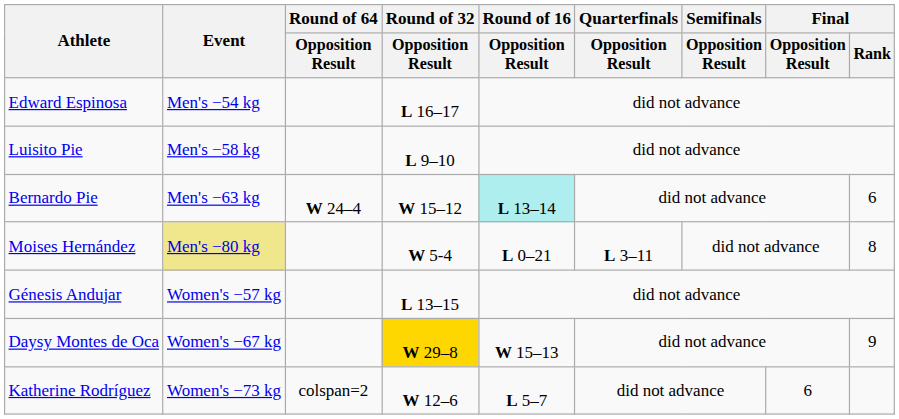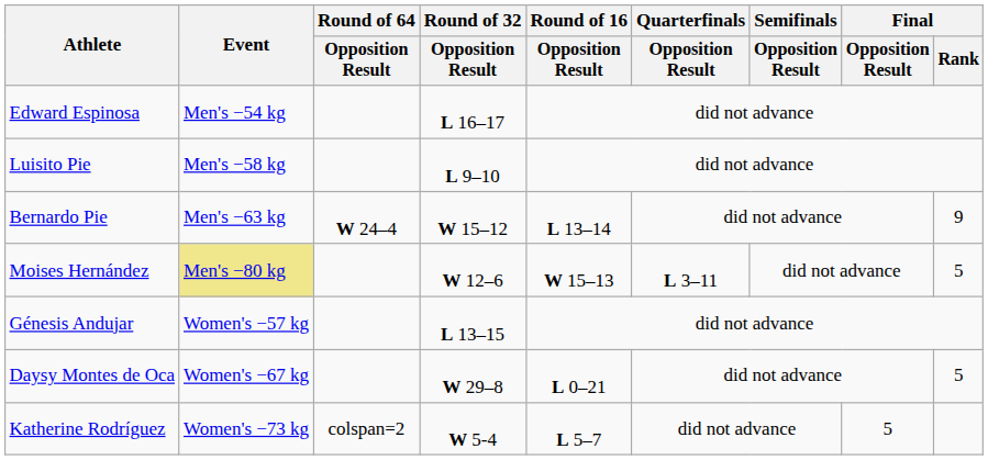 <table class="wikitable" style="font-size:90%">
 <tr>
 <th rowspan="2">Athlete</th>
 <th rowspan="2">Event</th>
 <th>Round of 64</th>
 <th>Round of 32</th>
 <th>Round of 16</th>
 <th>Quarterfinals</th>
 <th>Semifinals</th>
 <th colspan=2>Final</th>
 </tr>
 <tr style="font-size:95%">
 <th>Opposition<br>Result</th>
 <th>Opposition<br>Result</th>
 <th>Opposition<br>Result</th>
 <th>Opposition<br>Result</th>
 <th>Opposition<br>Result</th>
 <th>Opposition<br>Result</th>
 <th>Rank</th>
 </tr>
 <tr align=center>
 <td align=left><a href='#'>Edward Espinosa</a></td>
 <td align=left><a href='#'>Men's −54 kg</a></td>
 <td></td>
 <td><br><strong>L</strong> 16–17</td>
 <td colspan=5>did not advance</td>
 </tr>
 <tr align=center>
 <td align=left><a href='#'>Luisito Pie</a></td>
 <td align=left><a href='#'>Men's −58 kg</a></td>
 <td></td>
 <td><br><strong>L</strong> 9–10</td>
 <td colspan=5>did not advance</td>
 </tr>
 <tr align=center>
 <td align=left><a href='#'>Bernardo Pie</a></td>
 <td align=left><a href='#'>Men's −63 kg</a></td>
 <td><br><strong>W</strong> 24–4</td>
 <td><br><strong>W</strong> 15–12</td>
-<td style="background: paleturquoise;"><br><strong>L</strong> 13–14</td>
+<td><br><strong>L</strong> 13–14</td>
 <td colspan=3>did not advance</td>
-<td>6</td>
+<td>9</td>
 </tr>
 <tr align=center>
 <td align=left><a href='#'>Moises Hernández</a></td>
 <td align=left style="background: khaki;"><a href='#'>Men's −80 kg</a></td>
 <td></td>
-<td><br><strong>W</strong> 5-4</td>
-<td><br><strong>L</strong> 0–21</td>
+<td><br><strong>W</strong> 12–6</td>
+<td><br><strong>W</strong> 15–13</td>
 <td><br><strong>L</strong> 3–11</td>
 <td colspan=2>did not advance</td>
-<td>8</td>
+<td>5</td>
 </tr>
 <tr align=center>
 <td align=left><a href='#'>Génesis Andujar</a></td>
 <td align=left><a href='#'>Women's −57 kg</a></td>
 <td></td>
 <td><br><strong>L</strong> 13–15</td>
 <td colspan=5>did not advance</td>
 </tr>
 <tr align=center>
 <td align=left><a href='#'>Daysy Montes de Oca</a></td>
 <td align=left><a href='#'>Women's −67 kg</a></td>
 <td></td>
-<td style="background: gold;"><br><strong>W</strong> 29–8</td>
-<td><br><strong>W</strong> 15–13</td>
+<td><br><strong>W</strong> 29–8</td>
+<td><br><strong>L</strong> 0–21</td>
 <td colspan=3>did not advance</td>
-<td>9</td>
+<td>5</td>
 </tr>
 <tr align=center>
 <td align=left><a href='#'>Katherine Rodríguez</a></td>
 <td align=left><a href='#'>Women's −73 kg</a></td>
 <td>colspan=2</td>
-<td><br><strong>W</strong> 12–6</td>
+<td><br><strong>W</strong> 5-4</td>
 <td><br><strong>L</strong> 5–7</td>
 <td colspan=2>did not advance</td>
-<td>6</td>
+<td>5</td>
 </tr>
 </table>
